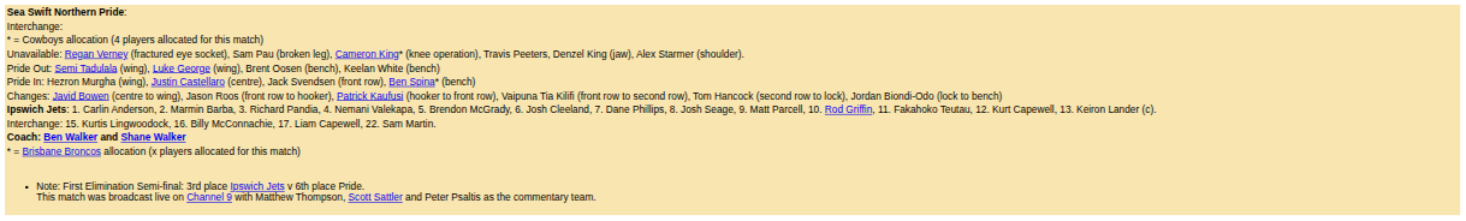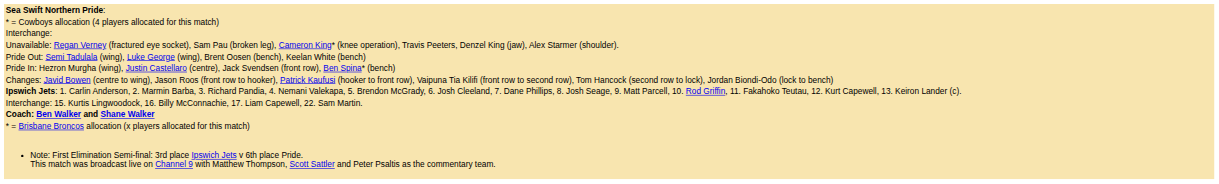 <table style="background:#f8e5af; font-size:85%; width:100%;">
 <tr>
 <td><strong>Sea Swift Northern Pride</strong>:      <br>      </td>
 </tr>
 <tr>
-<td>Interchange:    </td>
+<td>* = Cowboys allocation (4 players allocated for this match)</td>
 </tr>
 <tr>
-<td>* = Cowboys allocation (4 players allocated for this match)</td>
+<td>Interchange:    </td>
 </tr>
 <tr>
 <td>Unavailable: <a href='#'>Regan Verney</a> (fractured eye socket), Sam Pau (broken leg), <a href='#'>Cameron King</a>* (knee operation), Travis Peeters, Denzel King (jaw), Alex Starmer (shoulder).</td>
 </tr>
 <tr>
 <td>Pride Out: <a href='#'>Semi Tadulala</a> (wing), <a href='#'>Luke George</a> (wing), Brent Oosen (bench), Keelan White (bench)</td>
 </tr>
 <tr>
 <td>Pride In: Hezron Murgha (wing), <a href='#'>Justin Castellaro</a> (centre), Jack Svendsen (front row), <a href='#'>Ben Spina</a>* (bench)</td>
 </tr>
 <tr>
 <td>Changes: <a href='#'>Javid Bowen</a> (centre to wing), Jason Roos (front row to hooker), <a href='#'>Patrick Kaufusi</a> (hooker to front row), Vaipuna Tia Kilifi (front row to second row), Tom Hancock (second row to lock), Jordan Biondi-Odo (lock to bench)</td>
 </tr>
 <tr>
 <td><strong>Ipswich Jets</strong>:  1. Carlin Anderson, 2. Marmin Barba, 3. Richard Pandia, 4. Nemani Valekapa, 5. Brendon McGrady, 6. Josh Cleeland, 7. Dane Phillips, 8. Josh Seage, 9. Matt Parcell, 10. <a href='#'>Rod Griffin</a>, 11. Fakahoko Teutau, 12. Kurt Capewell, 13. Keiron Lander (c).</td>
 </tr>
 <tr>
 <td>Interchange: 15. Kurtis Lingwoodock, 16. Billy McConnachie, 17. Liam Capewell, 22. Sam Martin.</td>
 </tr>
 <tr>
 <td><strong>Coach: <a href='#'>Ben Walker</a> and <a href='#'>Shane Walker</a></strong></td>
 </tr>
 <tr>
 <td>* = <a href='#'>Brisbane Broncos</a> allocation (x players allocated for this match)</td>
 </tr>
 <tr>
 <td><br><ul><li>Note:  First Elimination Semi-final: 3rd place <a href='#'>Ipswich Jets</a> v 6th place Pride.<br>This match was broadcast live on <a href='#'>Channel 9</a> with Matthew Thompson, <a href='#'>Scott Sattler</a> and Peter Psaltis as the commentary team.</li></ul></td>
 </tr>
 </table>
